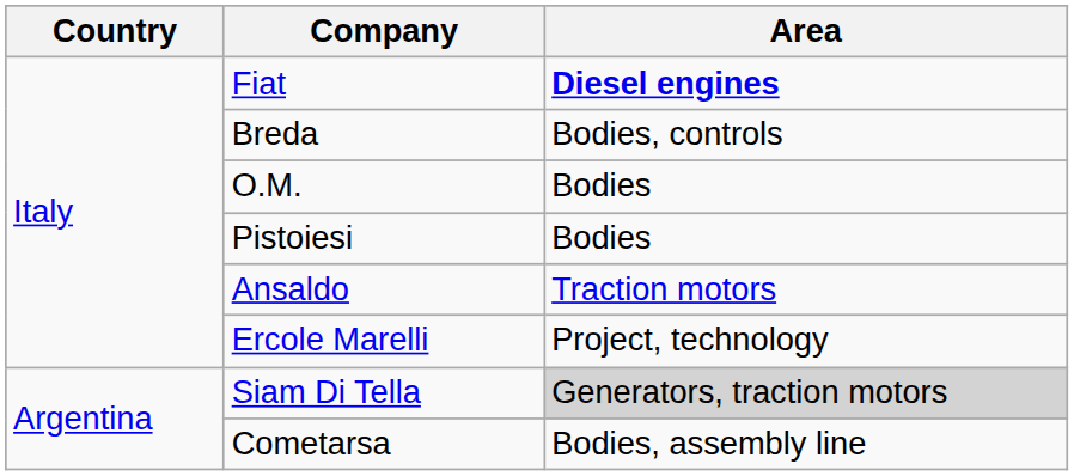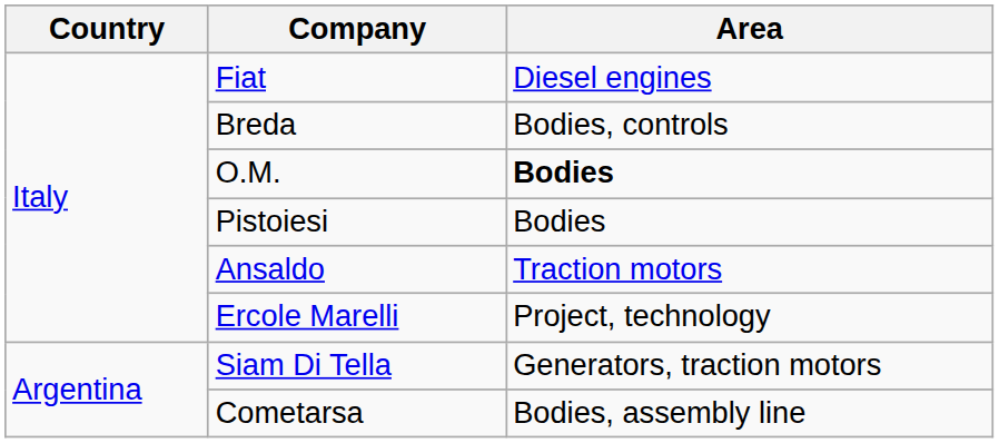 <table class="wikitable sortable">
 <tr>
 <th width=100px>Country</th>
 <th width=150px>Company</th>
 <th width=250px>Area</th>
 </tr>
 <tr>
 <td rowspan=6><a href='#'>Italy</a></td>
 <td><a href='#'>Fiat</a></td>
-<td><strong><a href='#'>Diesel engines</a></strong></td>
+<td><a href='#'>Diesel engines</a></td>
 </tr>
 <tr>
 <td>Breda</td>
 <td>Bodies, controls</td>
 </tr>
 <tr>
 <td>O.M.</td>
-<td>Bodies</td>
+<td><strong>Bodies</strong></td>
 </tr>
 <tr>
 <td>Pistoiesi</td>
 <td>Bodies</td>
 </tr>
 <tr>
 <td><a href='#'>Ansaldo</a></td>
 <td><a href='#'>Traction motors</a></td>
 </tr>
 <tr>
 <td><a href='#'>Ercole Marelli</a></td>
 <td>Project, technology</td>
 </tr>
 <tr>
 <td rowspan=2><a href='#'>Argentina</a></td>
 <td><a href='#'>Siam Di Tella</a></td>
-<td style="background: lightgrey;">Generators, traction motors</td>
+<td>Generators, traction motors</td>
 </tr>
 <tr>
 <td>Cometarsa</td>
 <td>Bodies, assembly line</td>
 </tr>
 </table>
